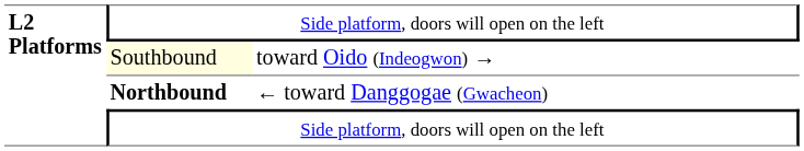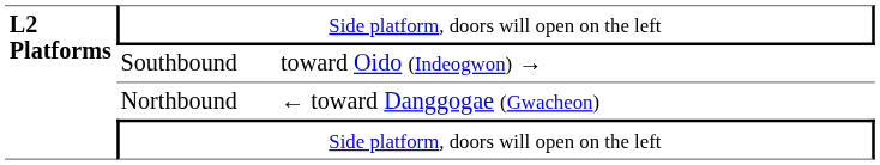 <table table border=0 cellspacing=0 cellpadding=3>
 <tr>
 <td style="border-top:solid 1px gray;border-bottom:solid 1px gray;" width=50 rowspan=10 valign=top><strong>L2<br>Platforms</strong></td>
 <td style="border-top:solid 1px gray;border-right:solid 2px black;border-left:solid 2px black;border-bottom:solid 2px black;text-align:center;" colspan=2><small><a href='#'>Side platform</a>, doors will open on the left</small></td>
 </tr>
 <tr>
-<td style="background: lightyellow;">Southbound</td>
+<td>Southbound</td>
 <td>  toward <a href='#'>Oido</a> <small>(<a href='#'>Indeogwon</a>)</small> →</td>
 </tr>
 <tr>
-<td style="border-bottom:solid 0px gray;border-top:solid 1px gray;" width=100><strong>Northbound</strong></td>
+<td style="border-bottom:solid 0px gray;border-top:solid 1px gray;" width=100>Northbound</td>
 <td style="border-bottom:solid 0px gray;border-top:solid 1px gray;" width=390>←  toward <a href='#'>Danggogae</a> <small>(<a href='#'>Gwacheon</a>)</small></td>
 </tr>
 <tr>
 <td style="border-top:solid 2px black;border-right:solid 2px black;border-left:solid 2px black;border-bottom:solid 1px gray;text-align:center;" colspan=2><small><a href='#'>Side platform</a>, doors will open on the left</small></td>
 </tr>
 </table>
